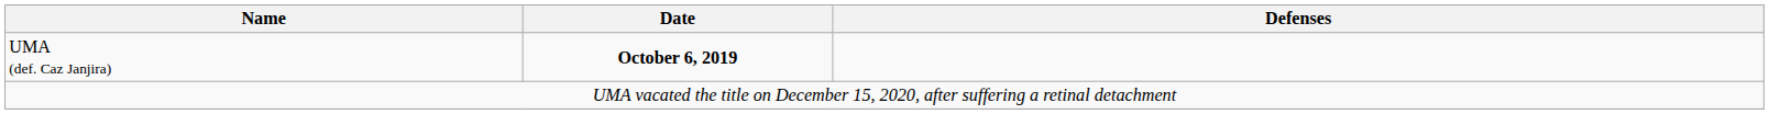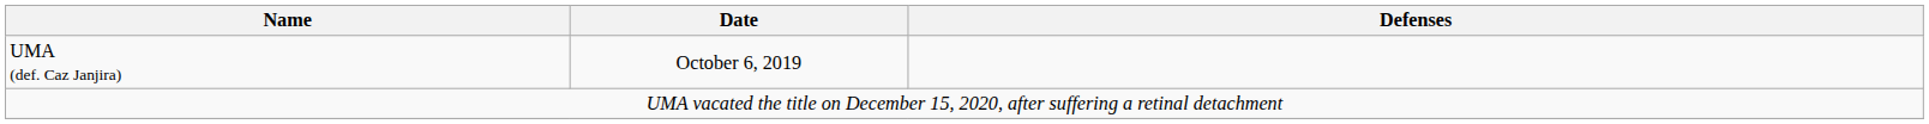 <table class="wikitable" width=100%>
 <tr>
 <th width=25%>Name</th>
 <th width=15%>Date</th>
 <th width=45%>Defenses</th>
 </tr>
 <tr>
 <td align=left> UMA <br><small>(def. Caz Janjira)</small></td>
-<td align=center><strong>October 6, 2019</strong></td>
+<td align=center>October 6, 2019</td>
 <td></td>
 </tr>
 <tr>
 <td colspan=3 align=center><em>UMA vacated the title on December 15, 2020, after suffering a retinal detachment</em></td>
 </tr>
 <tr>
 </tr>
 </table>
